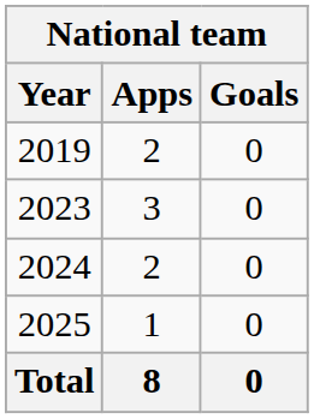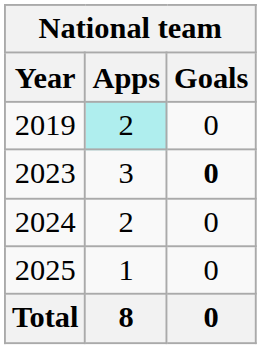 <table class="wikitable" style="text-align:center">
 <tr>
 <th colspan=3>National team</th>
 </tr>
 <tr>
 <th>Year</th>
 <th>Apps</th>
 <th>Goals</th>
 </tr>
 <tr>
 <td>2019</td>
-<td>2</td>
+<td style="background: paleturquoise;">2</td>
 <td>0</td>
 </tr>
 <tr>
 <td>2023</td>
 <td>3</td>
-<td>0</td>
+<td><strong>0</strong></td>
 </tr>
 <tr>
 <td>2024</td>
 <td>2</td>
 <td>0</td>
 </tr>
 <tr>
 <td>2025</td>
 <td>1</td>
 <td>0</td>
 </tr>
 <tr>
 <th>Total</th>
 <th>8</th>
 <th>0</th>
 </tr>
 </table>
